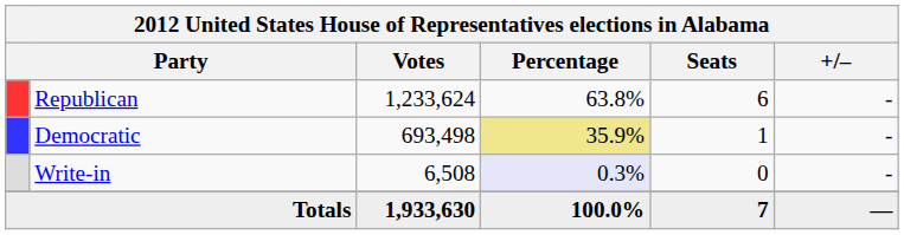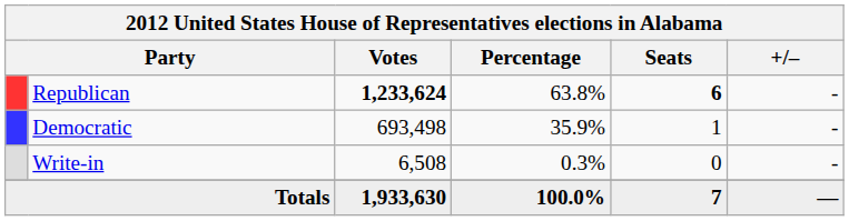 <table class="wikitable" style="font-size: 95%;">
 <tr>
 <th colspan="6">2012 United States House of Representatives elections in Alabama</th>
 </tr>
 <tr>
 <th colspan=2 style="width: 15em">Party</th>
 <th style="width: 5em">Votes</th>
 <th style="width: 7em">Percentage</th>
 <th style="width: 5em">Seats</th>
 <th style="width: 5em">+/–</th>
 </tr>
 <tr>
 <th style="background-color:#FF3333; width: 3px"></th>
 <td style="width: 130px"><a href='#'>Republican</a></td>
-<td align="right">1,233,624</td>
+<td align="right"><strong>1,233,624</strong></td>
 <td align="right">63.8%</td>
-<td align="right">6</td>
+<td align="right"><strong>6</strong></td>
 <td align="right">-</td>
 </tr>
 <tr>
 <th style="background-color:#3333FF; width: 3px"></th>
 <td style="width: 130px"><a href='#'>Democratic</a></td>
 <td align="right">693,498</td>
-<td align="right" style="background: khaki;">35.9%</td>
+<td align="right">35.9%</td>
 <td align="right">1</td>
 <td align="right">-</td>
 </tr>
 <tr>
 <th style="background-color:#DDDDDD; width: 3px"></th>
 <td style="width: 130px"><a href='#'>Write-in</a></td>
 <td align="right">6,508</td>
-<td align="right" style="background: lavender;">0.3%</td>
+<td align="right">0.3%</td>
 <td align="right">0</td>
 <td align="right">-</td>
 </tr>
 <tr>
 </tr>
 <tr bgcolor="#EEEEEE">
 <td colspan="2" align="right"><strong>Totals</strong></td>
 <td align="right"><strong>1,933,630</strong></td>
 <td align="right"><strong>100.0%</strong></td>
 <td align="right"><strong>7</strong></td>
 <td align="right"><strong>—</strong></td>
 </tr>
 </table>
